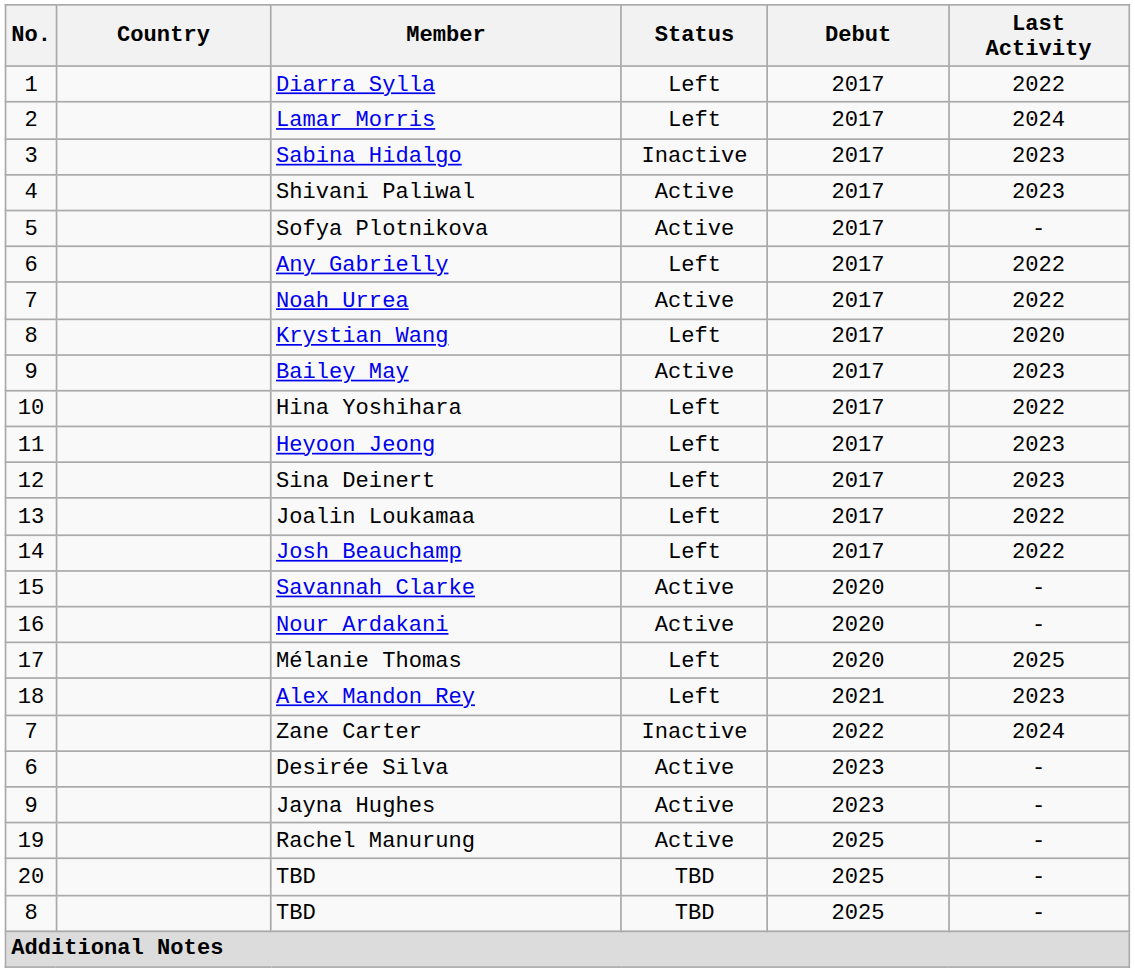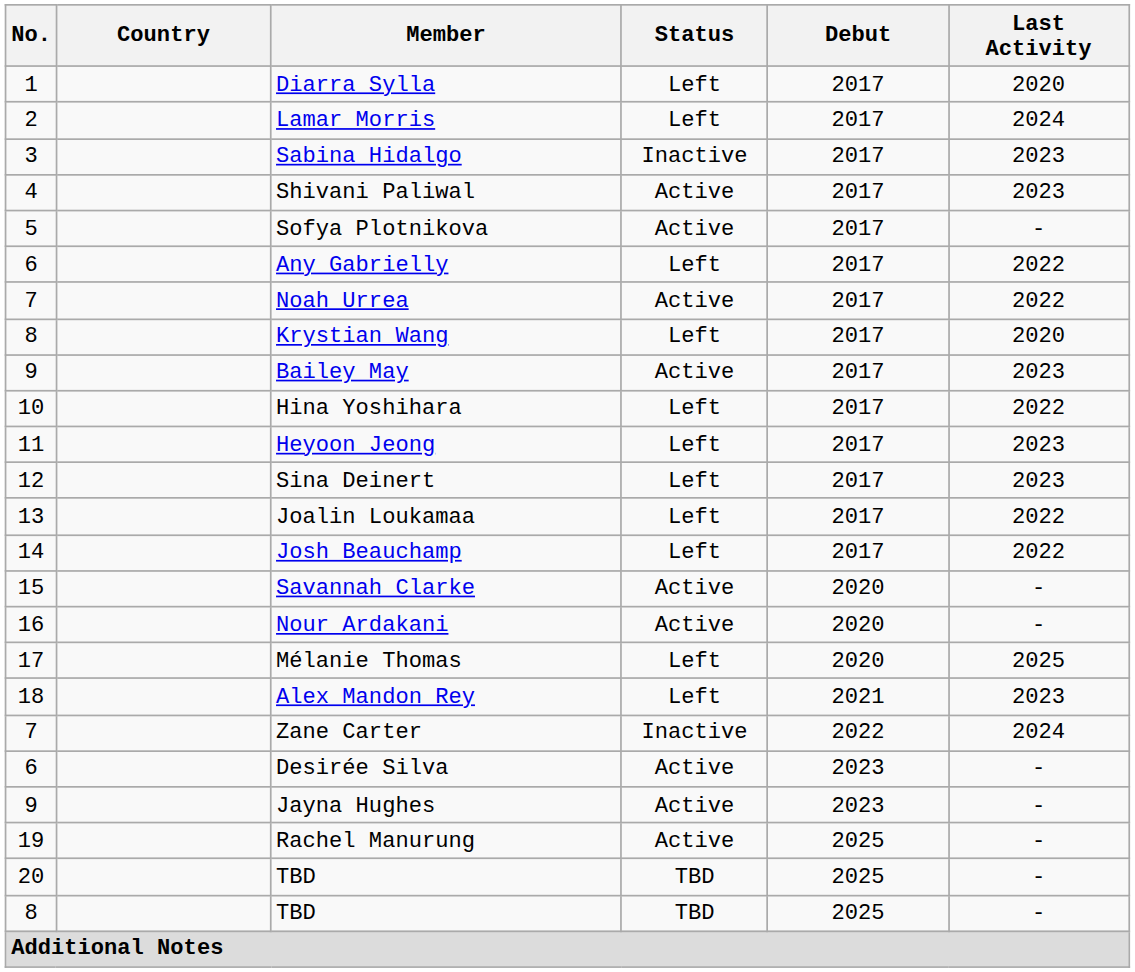 <table class="wikitable sortable" style="margin: auto; border: none;">
 <tr>
 <th style="width: 20px;">No.</th>
 <th style="width: 120px;">Country</th>
 <th style="width: 200px;">Member</th>
 <th style="width: 80px;">Status</th>
 <th style="width: 100px;">Debut</th>
 <th style="width: 100px;">Last Activity</th>
 </tr>
 <tr>
 <td align=center>1</td>
 <td></td>
 <td><a href='#'>Diarra Sylla</a></td>
 <td align=center>Left</td>
 <td align=center>2017</td>
-<td align=center>2022</td>
+<td align=center>2020</td>
 </tr>
 <tr>
 <td align=center>2</td>
 <td></td>
 <td><a href='#'>Lamar Morris</a></td>
 <td align=center>Left</td>
 <td align=center>2017</td>
 <td align=center>2024</td>
 </tr>
 <tr>
 <td align=center>3</td>
 <td></td>
 <td><a href='#'>Sabina Hidalgo</a></td>
 <td align=center>Inactive</td>
 <td align=center>2017</td>
 <td align=center>2023</td>
 </tr>
 <tr>
 <td align=center>4</td>
 <td></td>
 <td>Shivani Paliwal</td>
 <td align=center>Active</td>
 <td align=center>2017</td>
 <td align=center>2023</td>
 </tr>
 <tr>
 <td align=center>5</td>
 <td></td>
 <td>Sofya Plotnikova</td>
 <td align=center>Active</td>
 <td align=center>2017</td>
 <td align=center>-</td>
 </tr>
 <tr>
 <td align=center>6</td>
 <td></td>
 <td><a href='#'>Any Gabrielly</a></td>
 <td align=center>Left</td>
 <td align=center>2017</td>
 <td align=center>2022</td>
 </tr>
 <tr>
 <td align=center>7</td>
 <td></td>
 <td><a href='#'>Noah Urrea</a></td>
 <td align=center>Active</td>
 <td align=center>2017</td>
 <td align=center>2022</td>
 </tr>
 <tr>
 <td align=center>8</td>
 <td></td>
 <td><a href='#'>Krystian Wang</a></td>
 <td align=center>Left</td>
 <td align=center>2017</td>
 <td align=center>2020</td>
 </tr>
 <tr>
 <td align=center>9</td>
 <td></td>
 <td><a href='#'>Bailey May</a></td>
 <td align=center>Active</td>
 <td align=center>2017</td>
 <td align=center>2023</td>
 </tr>
 <tr>
 <td align=center>10</td>
 <td></td>
 <td>Hina Yoshihara</td>
 <td align=center>Left</td>
 <td align=center>2017</td>
 <td align=center>2022</td>
 </tr>
 <tr>
 <td align=center>11</td>
 <td></td>
 <td><a href='#'>Heyoon Jeong</a></td>
 <td align=center>Left</td>
 <td align=center>2017</td>
 <td align=center>2023</td>
 </tr>
 <tr>
 <td align=center>12</td>
 <td></td>
 <td>Sina Deinert</td>
 <td align=center>Left</td>
 <td align=center>2017</td>
 <td align=center>2023</td>
 </tr>
 <tr>
 <td align=center>13</td>
 <td></td>
 <td>Joalin Loukamaa</td>
 <td align=center>Left</td>
 <td align=center>2017</td>
 <td align=center>2022</td>
 </tr>
 <tr>
 <td align=center>14</td>
 <td></td>
 <td><a href='#'>Josh Beauchamp</a></td>
 <td align=center>Left</td>
 <td align=center>2017</td>
 <td align=center>2022</td>
 </tr>
 <tr>
 <td align=center>15</td>
 <td></td>
 <td><a href='#'>Savannah Clarke</a></td>
 <td align=center>Active</td>
 <td align=center>2020</td>
 <td align=center>-</td>
 </tr>
 <tr>
 <td align=center>16</td>
 <td></td>
 <td><a href='#'>Nour Ardakani</a></td>
 <td align=center>Active</td>
 <td align=center>2020</td>
 <td align=center>-</td>
 </tr>
 <tr>
 <td align=center>17</td>
 <td></td>
 <td>Mélanie Thomas</td>
 <td align=center>Left</td>
 <td align=center>2020</td>
 <td align=center>2025</td>
 </tr>
 <tr>
 <td align=center>18</td>
 <td></td>
 <td><a href='#'>Alex Mandon Rey</a></td>
 <td align=center>Left</td>
 <td align=center>2021</td>
 <td align=center>2023</td>
 </tr>
 <tr>
 <td align=center>7</td>
 <td></td>
 <td>Zane Carter</td>
 <td align=center>Inactive</td>
 <td align=center>2022</td>
 <td align=center>2024</td>
 </tr>
 <tr>
 <td align=center>6</td>
 <td></td>
 <td>Desirée Silva</td>
 <td align=center>Active</td>
 <td align=center>2023</td>
 <td align=center>-</td>
 </tr>
 <tr>
 <td align=center>9</td>
 <td></td>
 <td>Jayna Hughes</td>
 <td align=center>Active</td>
 <td align=center>2023</td>
 <td align=center>-</td>
 </tr>
 <tr>
 <td align=center>19</td>
 <td></td>
 <td>Rachel Manurung</td>
 <td align=center>Active</td>
 <td align=center>2025</td>
 <td align=center>-</td>
 </tr>
 <tr>
 <td align=center>20</td>
 <td></td>
 <td>TBD</td>
 <td align=center>TBD</td>
 <td align=center>2025</td>
 <td align=center>-</td>
 </tr>
 <tr>
 <td align=center>8</td>
 <td></td>
 <td>TBD</td>
 <td align=center>TBD</td>
 <td align=center>2025</td>
 <td align=center>-</td>
 </tr>
 <tr style="background-color:#DCDCDC;">
 <td colspan=6><strong>Additional Notes</strong><br></td>
 </tr>
 </table>
